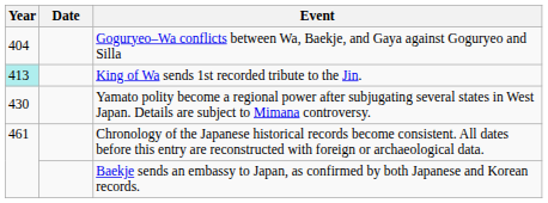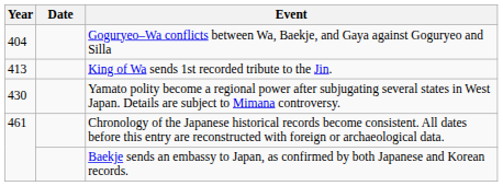 <table class="wikitable" width="100%">
 <tr>
 <th style="width:6%">Year</th>
 <th style="width:10%">Date</th>
 <th>Event</th>
 </tr>
 <tr>
 <td>404</td>
 <td></td>
 <td><a href='#'>Goguryeo–Wa conflicts</a> between Wa, Baekje, and Gaya against Goguryeo and Silla</td>
 </tr>
 <tr>
-<td style="background: paleturquoise;">413</td>
+<td>413</td>
 <td></td>
 <td><a href='#'>King of Wa</a> sends 1st recorded tribute to the <a href='#'>Jin</a>.</td>
 </tr>
 <tr>
 <td>430</td>
 <td></td>
 <td>Yamato polity become a regional power after subjugating several states in West Japan. Details are subject to <a href='#'>Mimana</a> controversy.</td>
 </tr>
 <tr>
 <td rowspan="2" valign="top">461</td>
 <td></td>
 <td><span>Chronology of the Japanese historical records become consistent. All dates before this entry are reconstructed with foreign or archaeological data.</span></td>
 </tr>
 <tr>
 <td></td>
 <td><a href='#'>Baekje</a> sends an embassy to Japan, as confirmed by both Japanese and Korean records.</td>
 </tr>
 </table>
